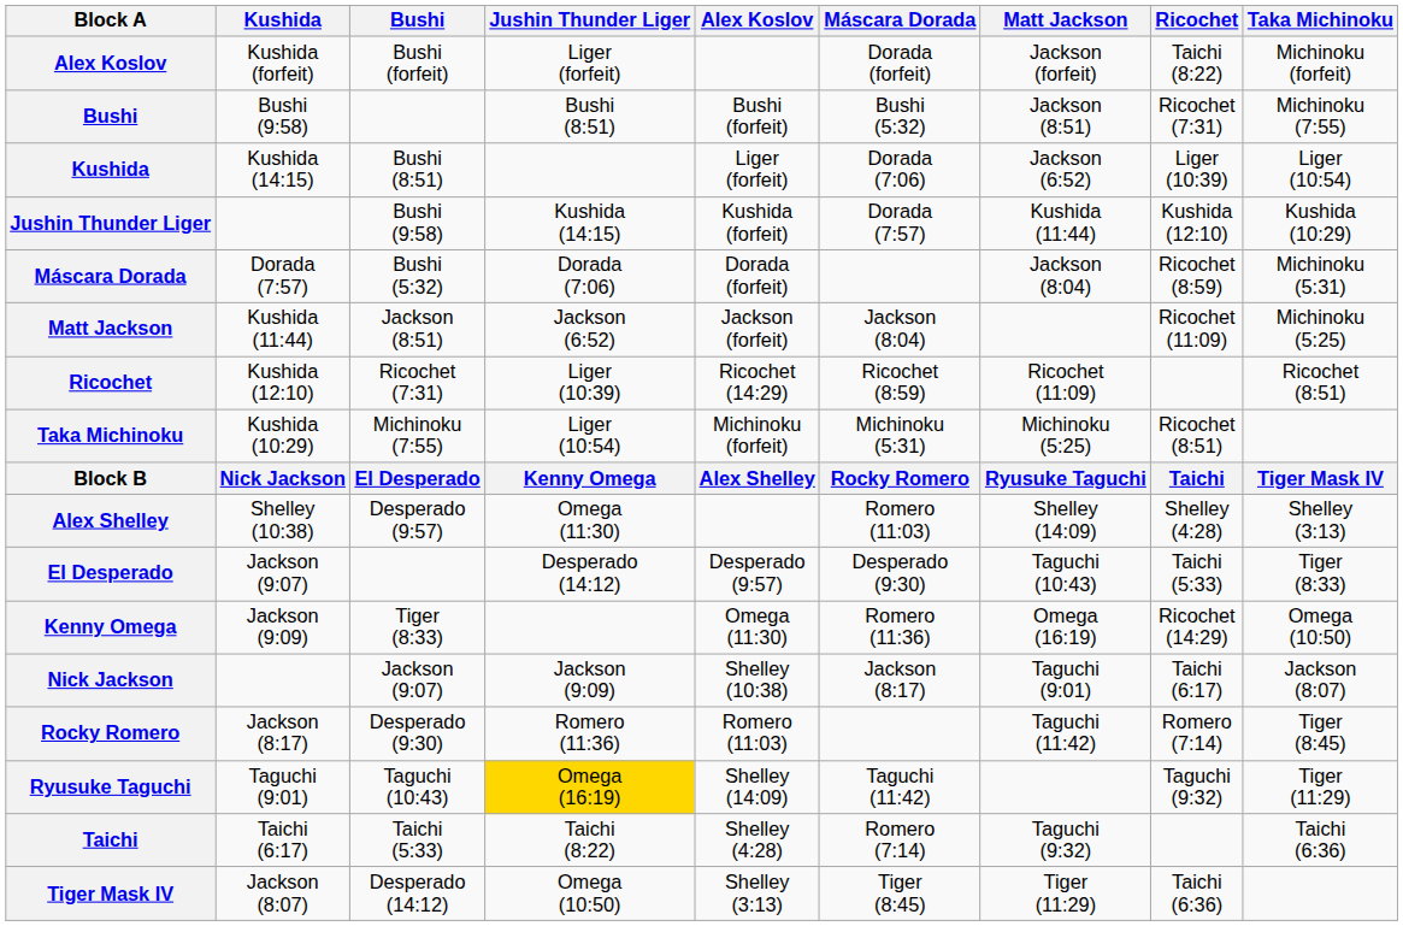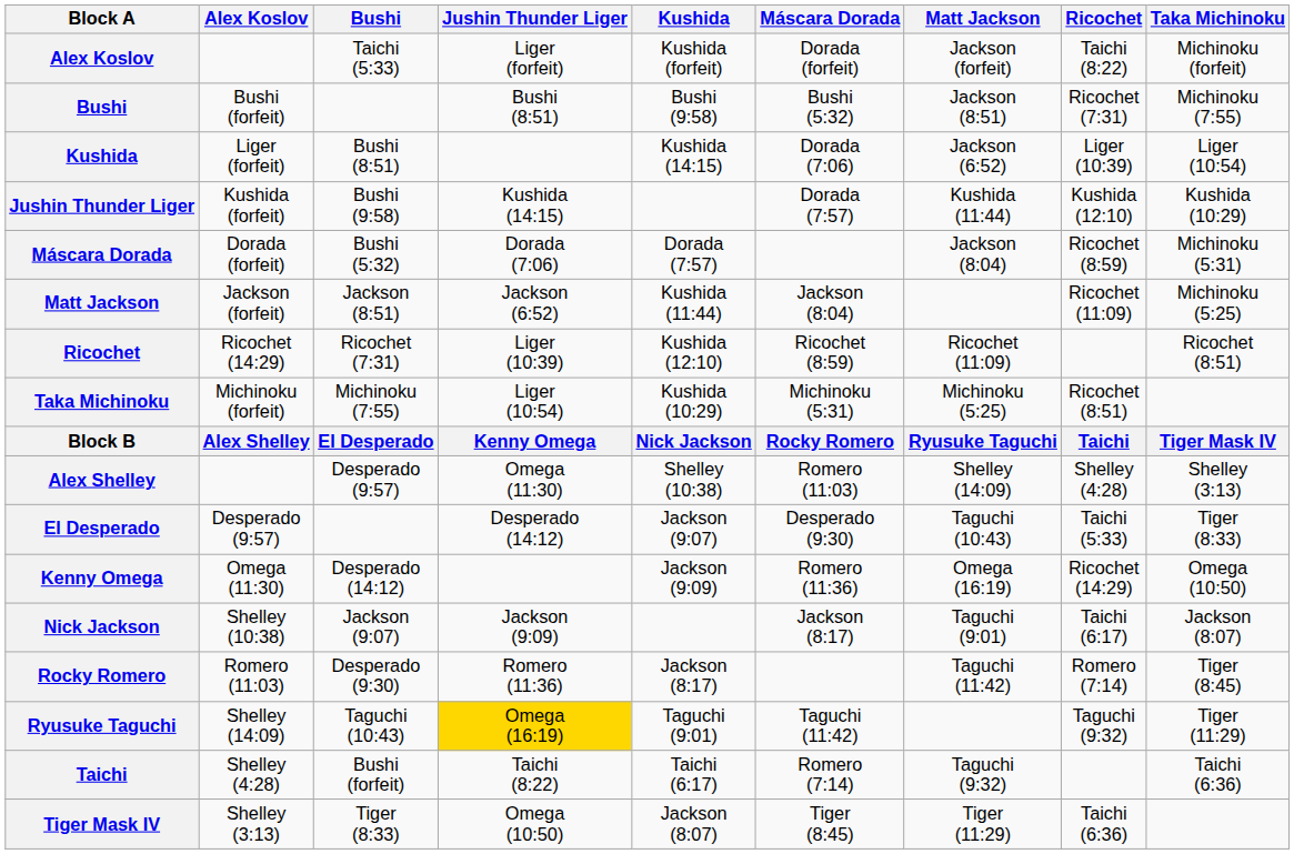 <table class="wikitable" style="margin: 1em auto 1em auto">
 <tr align="center">
 <th>Block A</th>
-<th><a href='#'>Kushida</a></th>
+<th><a href='#'>Alex Koslov</a></th>
 <th><a href='#'>Bushi</a></th>
 <th><a href='#'>Jushin Thunder Liger</a></th>
-<th><a href='#'>Alex Koslov</a></th>
+<th><a href='#'>Kushida</a></th>
 <th><a href='#'>Máscara Dorada</a></th>
 <th><a href='#'>Matt Jackson</a></th>
 <th><a href='#'>Ricochet</a></th>
 <th><a href='#'>Taka Michinoku</a></th>
 </tr>
 <tr align="center">
 <th><a href='#'>Alex Koslov</a></th>
+<td></td>
+<td>Taichi<br>(5:33)</td>
+<td>Liger<br>(forfeit)</td>
 <td>Kushida<br>(forfeit)</td>
-<td>Bushi<br>(forfeit)</td>
-<td>Liger<br>(forfeit)</td>
-<td></td>
 <td>Dorada<br>(forfeit)</td>
 <td>Jackson<br>(forfeit)</td>
 <td>Taichi<br>(8:22)</td>
 <td>Michinoku<br>(forfeit)</td>
 </tr>
 <tr align="center">
 <th><a href='#'>Bushi</a></th>
-<td>Bushi<br>(9:58)</td>
+<td>Bushi<br>(forfeit)</td>
 <td></td>
 <td>Bushi<br>(8:51)</td>
-<td>Bushi<br>(forfeit)</td>
+<td>Bushi<br>(9:58)</td>
 <td>Bushi<br>(5:32)</td>
 <td>Jackson<br>(8:51)</td>
 <td>Ricochet<br>(7:31)</td>
 <td>Michinoku<br>(7:55)</td>
 </tr>
 <tr align="center">
 <th><a href='#'>Kushida</a></th>
-<td>Kushida<br>(14:15)</td>
+<td>Liger<br>(forfeit)</td>
 <td>Bushi<br>(8:51)</td>
 <td></td>
-<td>Liger<br>(forfeit)</td>
+<td>Kushida<br>(14:15)</td>
 <td>Dorada<br>(7:06)</td>
 <td>Jackson<br>(6:52)</td>
 <td>Liger<br>(10:39)</td>
 <td>Liger<br>(10:54)</td>
 </tr>
 <tr align="center">
 <th><a href='#'>Jushin Thunder Liger</a></th>
-<td></td>
+<td>Kushida<br>(forfeit)</td>
 <td>Bushi<br>(9:58)</td>
 <td>Kushida<br>(14:15)</td>
-<td>Kushida<br>(forfeit)</td>
+<td></td>
 <td>Dorada<br>(7:57)</td>
 <td>Kushida<br>(11:44)</td>
 <td>Kushida<br>(12:10)</td>
 <td>Kushida<br>(10:29)</td>
 </tr>
 <tr align="center">
 <th><a href='#'>Máscara Dorada</a></th>
-<td>Dorada<br>(7:57)</td>
+<td>Dorada<br>(forfeit)</td>
 <td>Bushi<br>(5:32)</td>
 <td>Dorada<br>(7:06)</td>
-<td>Dorada<br>(forfeit)</td>
+<td>Dorada<br>(7:57)</td>
 <td></td>
 <td>Jackson<br>(8:04)</td>
 <td>Ricochet<br>(8:59)</td>
 <td>Michinoku<br>(5:31)</td>
 </tr>
 <tr align="center">
 <th><a href='#'>Matt Jackson</a></th>
-<td>Kushida<br>(11:44)</td>
+<td>Jackson<br>(forfeit)</td>
 <td>Jackson<br>(8:51)</td>
 <td>Jackson<br>(6:52)</td>
-<td>Jackson<br>(forfeit)</td>
+<td>Kushida<br>(11:44)</td>
 <td>Jackson<br>(8:04)</td>
 <td></td>
 <td>Ricochet<br>(11:09)</td>
 <td>Michinoku<br>(5:25)</td>
 </tr>
 <tr align="center">
 <th><a href='#'>Ricochet</a></th>
-<td>Kushida<br>(12:10)</td>
+<td>Ricochet<br>(14:29)</td>
 <td>Ricochet<br>(7:31)</td>
 <td>Liger<br>(10:39)</td>
-<td>Ricochet<br>(14:29)</td>
+<td>Kushida<br>(12:10)</td>
 <td>Ricochet<br>(8:59)</td>
 <td>Ricochet<br>(11:09)</td>
 <td></td>
 <td>Ricochet<br>(8:51)</td>
 </tr>
 <tr align="center">
 <th><a href='#'>Taka Michinoku</a></th>
-<td>Kushida<br>(10:29)</td>
+<td>Michinoku<br>(forfeit)</td>
 <td>Michinoku<br>(7:55)</td>
 <td>Liger<br>(10:54)</td>
-<td>Michinoku<br>(forfeit)</td>
+<td>Kushida<br>(10:29)</td>
 <td>Michinoku<br>(5:31)</td>
 <td>Michinoku<br>(5:25)</td>
 <td>Ricochet<br>(8:51)</td>
 <td></td>
 </tr>
 <tr align="center">
 <th>Block B</th>
-<th><a href='#'>Nick Jackson</a></th>
+<th><a href='#'>Alex Shelley</a></th>
 <th><a href='#'>El Desperado</a></th>
 <th><a href='#'>Kenny Omega</a></th>
-<th><a href='#'>Alex Shelley</a></th>
+<th><a href='#'>Nick Jackson</a></th>
 <th><a href='#'>Rocky Romero</a></th>
 <th><a href='#'>Ryusuke Taguchi</a></th>
 <th><a href='#'>Taichi</a></th>
 <th><a href='#'>Tiger Mask IV</a></th>
 </tr>
 <tr align="center">
 <th><a href='#'>Alex Shelley</a></th>
-<td>Shelley<br>(10:38)</td>
+<td></td>
 <td>Desperado<br>(9:57)</td>
 <td>Omega<br>(11:30)</td>
-<td></td>
+<td>Shelley<br>(10:38)</td>
 <td>Romero<br>(11:03)</td>
 <td>Shelley<br>(14:09)</td>
 <td>Shelley<br>(4:28)</td>
 <td>Shelley<br>(3:13)</td>
 </tr>
 <tr align="center">
 <th><a href='#'>El Desperado</a></th>
-<td>Jackson<br>(9:07)</td>
+<td>Desperado<br>(9:57)</td>
 <td></td>
 <td>Desperado<br>(14:12)</td>
-<td>Desperado<br>(9:57)</td>
+<td>Jackson<br>(9:07)</td>
 <td>Desperado<br>(9:30)</td>
 <td>Taguchi<br>(10:43)</td>
 <td>Taichi<br>(5:33)</td>
 <td>Tiger<br>(8:33)</td>
 </tr>
 <tr align="center">
 <th><a href='#'>Kenny Omega</a></th>
+<td>Omega<br>(11:30)</td>
+<td>Desperado<br>(14:12)</td>
+<td></td>
 <td>Jackson<br>(9:09)</td>
-<td>Tiger<br>(8:33)</td>
-<td></td>
-<td>Omega<br>(11:30)</td>
 <td>Romero<br>(11:36)</td>
 <td>Omega<br>(16:19)</td>
 <td>Ricochet<br>(14:29)</td>
 <td>Omega<br>(10:50)</td>
 </tr>
 <tr align="center">
 <th><a href='#'>Nick Jackson</a></th>
-<td></td>
+<td>Shelley<br>(10:38)</td>
 <td>Jackson<br>(9:07)</td>
 <td>Jackson<br>(9:09)</td>
-<td>Shelley<br>(10:38)</td>
+<td></td>
 <td>Jackson<br>(8:17)</td>
 <td>Taguchi<br>(9:01)</td>
 <td>Taichi<br>(6:17)</td>
 <td>Jackson<br>(8:07)</td>
 </tr>
 <tr align="center">
 <th><a href='#'>Rocky Romero</a></th>
-<td>Jackson<br>(8:17)</td>
+<td>Romero<br>(11:03)</td>
 <td>Desperado<br>(9:30)</td>
 <td>Romero<br>(11:36)</td>
-<td>Romero<br>(11:03)</td>
+<td>Jackson<br>(8:17)</td>
 <td></td>
 <td>Taguchi<br>(11:42)</td>
 <td>Romero<br>(7:14)</td>
 <td>Tiger<br>(8:45)</td>
 </tr>
 <tr align="center">
 <th><a href='#'>Ryusuke Taguchi</a></th>
-<td>Taguchi<br>(9:01)</td>
+<td>Shelley<br>(14:09)</td>
 <td>Taguchi<br>(10:43)</td>
 <td style="background: gold;">Omega<br>(16:19)</td>
-<td>Shelley<br>(14:09)</td>
+<td>Taguchi<br>(9:01)</td>
 <td>Taguchi<br>(11:42)</td>
 <td></td>
 <td>Taguchi<br>(9:32)</td>
 <td>Tiger<br>(11:29)</td>
 </tr>
 <tr align="center">
 <th><a href='#'>Taichi</a></th>
+<td>Shelley<br>(4:28)</td>
+<td>Bushi<br>(forfeit)</td>
+<td>Taichi<br>(8:22)</td>
 <td>Taichi<br>(6:17)</td>
-<td>Taichi<br>(5:33)</td>
-<td>Taichi<br>(8:22)</td>
-<td>Shelley<br>(4:28)</td>
 <td>Romero<br>(7:14)</td>
 <td>Taguchi<br>(9:32)</td>
 <td></td>
 <td>Taichi<br>(6:36)</td>
 </tr>
 <tr align="center">
 <th><a href='#'>Tiger Mask IV</a></th>
+<td>Shelley<br>(3:13)</td>
+<td>Tiger<br>(8:33)</td>
+<td>Omega<br>(10:50)</td>
 <td>Jackson<br>(8:07)</td>
-<td>Desperado<br>(14:12)</td>
-<td>Omega<br>(10:50)</td>
-<td>Shelley<br>(3:13)</td>
 <td>Tiger<br>(8:45)</td>
 <td>Tiger<br>(11:29)</td>
 <td>Taichi<br>(6:36)</td>
 <td></td>
 </tr>
 </table>
